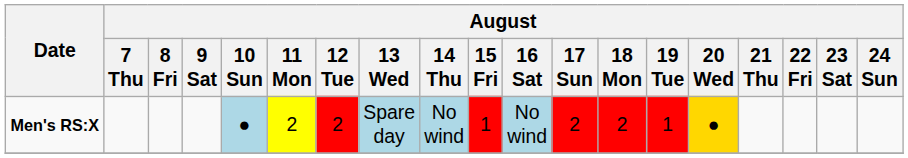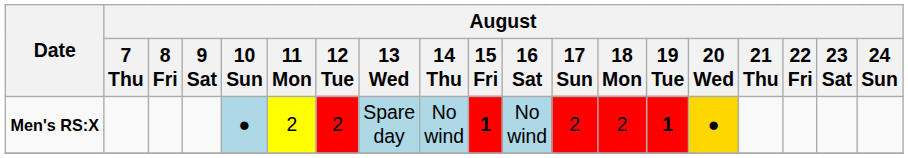 <table class="wikitable" style="margin:0.5em auto; font-size:90%; line-height:1.25em;">
 <tr>
 <th rowspan=2>Date</th>
 <th colspan=18>August</th>
 </tr>
 <tr>
 <th>7<br>Thu</th>
 <th>8<br>Fri</th>
 <th>9<br>Sat</th>
 <th>10<br>Sun</th>
 <th>11<br>Mon</th>
 <th>12<br>Tue</th>
 <th>13<br>Wed</th>
 <th>14<br>Thu</th>
 <th>15<br>Fri</th>
 <th>16<br>Sat</th>
 <th>17<br>Sun</th>
 <th>18<br>Mon</th>
 <th>19<br>Tue</th>
 <th>20<br>Wed</th>
 <th>21<br>Thu</th>
 <th>22<br>Fri</th>
 <th>23<br>Sat</th>
 <th>24<br>Sun</th>
 </tr>
 <tr align="center">
 <td align="right"><small><strong>Men's RS:X</strong></small></td>
 <td></td>
 <td></td>
 <td></td>
 <td bgcolor=LightBlue><span> ● </span></td>
 <td bgcolor=Yellow><span> 2 </span></td>
 <td bgcolor=Red><span> 2 </span></td>
 <td bgcolor=LightBlue><span> Spare<br>day </span></td>
 <td bgcolor=LightBlue><span> No<br>wind </span></td>
-<td bgcolor=Red><span> 1 </span></td>
+<td bgcolor=Red><strong><span> 1 </span></strong></td>
 <td bgcolor=LightBlue><span> No<br>wind </span></td>
 <td bgcolor=Red><span> 2 </span></td>
 <td bgcolor=Red><span> 2 </span></td>
-<td bgcolor=Red><span> 1 </span></td>
+<td bgcolor=Red><strong><span> 1 </span></strong></td>
 <td bgcolor=Gold><span> ● </span></td>
 <td></td>
 <td></td>
 <td></td>
 <td></td>
 </tr>
 <tr>
 </tr>
 </table>
